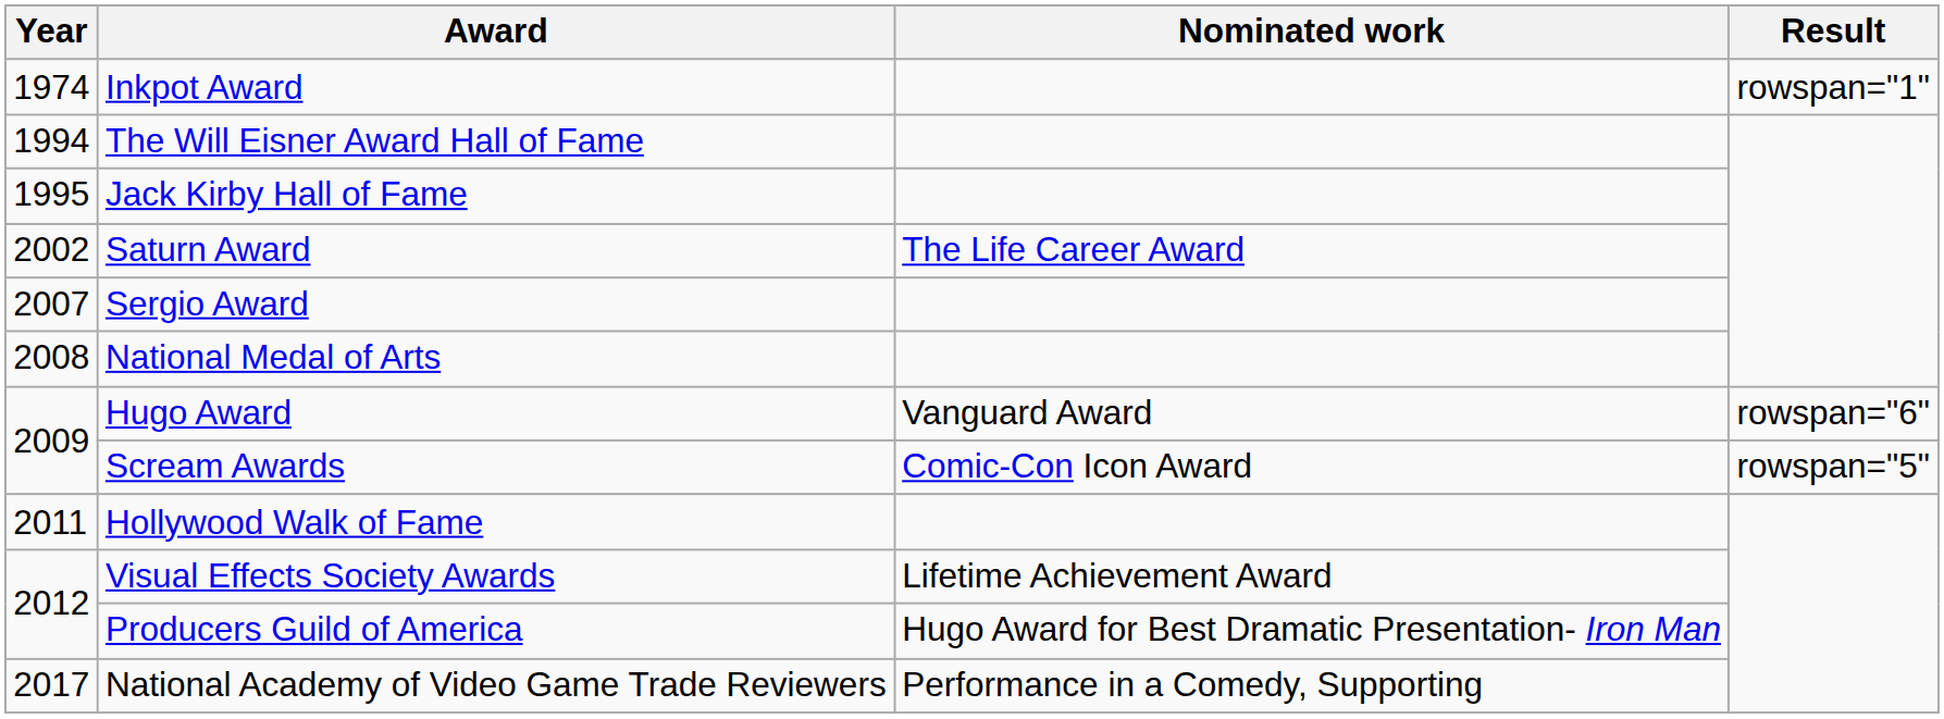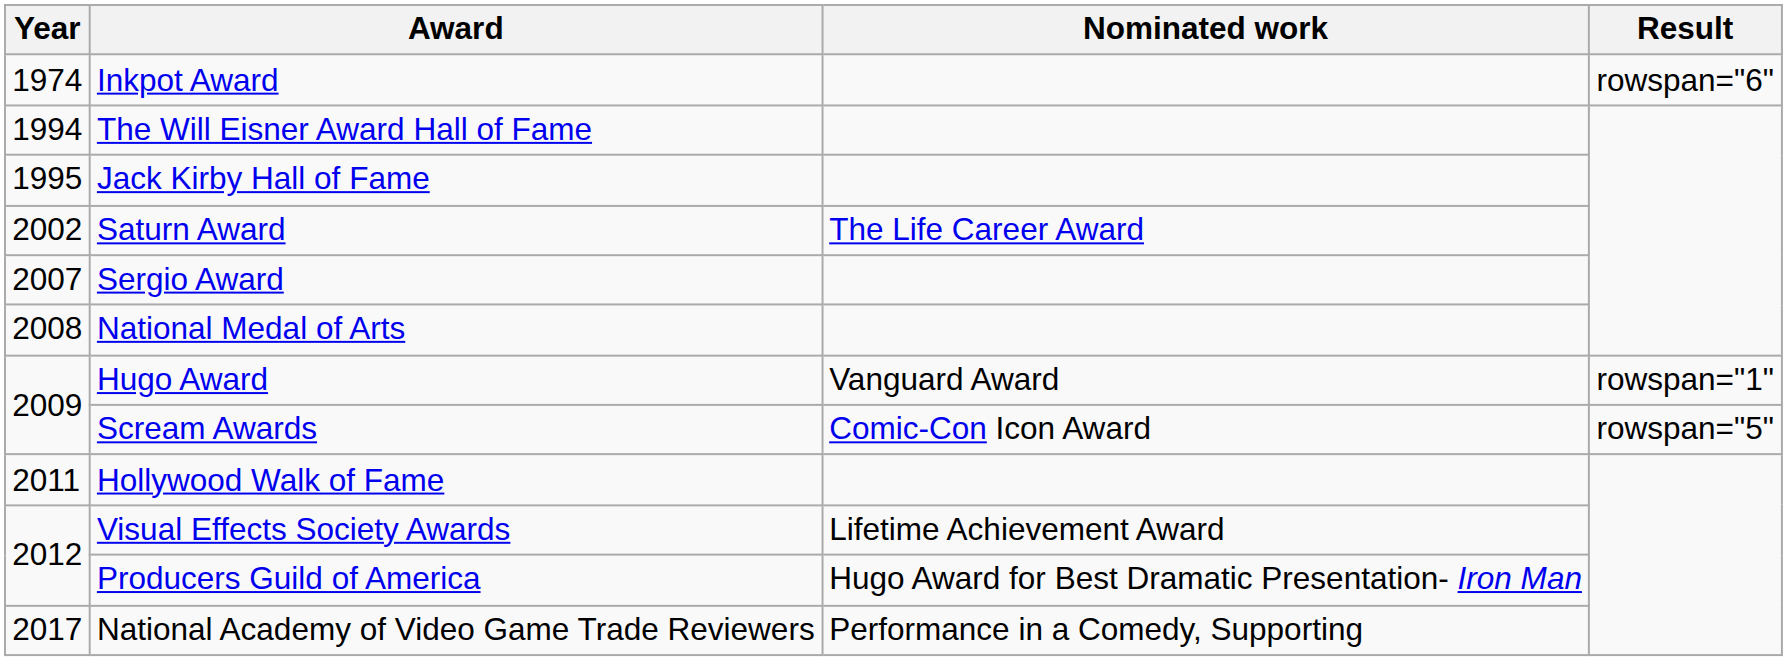 <table class="wikitable sortable">
 <tr>
 <th>Year</th>
 <th>Award</th>
 <th>Nominated work</th>
 <th>Result</th>
 </tr>
 <tr>
 <td>1974</td>
 <td><a href='#'>Inkpot Award</a></td>
 <td></td>
-<td>rowspan="1" </td>
+<td>rowspan="6" </td>
 </tr>
 <tr>
 <td>1994</td>
 <td><a href='#'>The Will Eisner Award Hall of Fame</a></td>
 <td></td>
 </tr>
 <tr>
 <td>1995</td>
 <td><a href='#'>Jack Kirby Hall of Fame</a></td>
 <td></td>
 </tr>
 <tr>
 <td>2002</td>
 <td><a href='#'>Saturn Award</a></td>
 <td><a href='#'>The Life Career Award</a></td>
 </tr>
 <tr>
 <td>2007</td>
 <td><a href='#'>Sergio Award</a></td>
 <td></td>
 </tr>
 <tr>
 <td>2008</td>
 <td><a href='#'>National Medal of Arts</a></td>
 <td></td>
 </tr>
 <tr>
 <td rowspan="2">2009</td>
 <td><a href='#'>Hugo Award</a></td>
 <td>Vanguard Award</td>
-<td>rowspan="6" </td>
+<td>rowspan="1" </td>
 </tr>
 <tr>
 <td><a href='#'>Scream Awards</a></td>
 <td><a href='#'>Comic-Con</a> Icon Award</td>
 <td>rowspan="5" </td>
 </tr>
 <tr>
 <td>2011</td>
 <td><a href='#'>Hollywood Walk of Fame</a></td>
 <td></td>
 </tr>
 <tr>
 <td rowspan="2">2012</td>
 <td><a href='#'>Visual Effects Society Awards</a></td>
 <td>Lifetime Achievement Award</td>
 </tr>
 <tr>
 <td><a href='#'>Producers Guild of America</a></td>
 <td>Hugo Award for Best Dramatic Presentation- <em><a href='#'>Iron Man</a></em></td>
 </tr>
 <tr>
 <td>2017</td>
 <td>National Academy of Video Game Trade Reviewers</td>
 <td>Performance in a Comedy, Supporting</td>
 </tr>
 </table>
